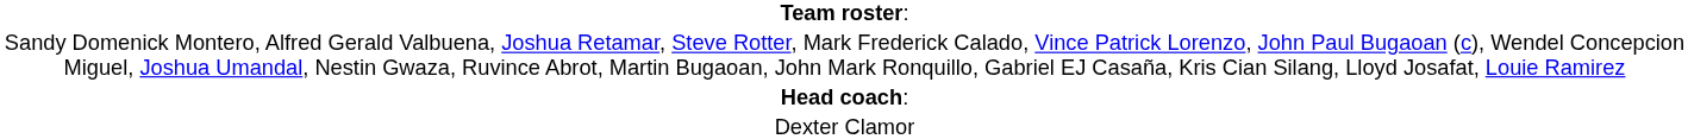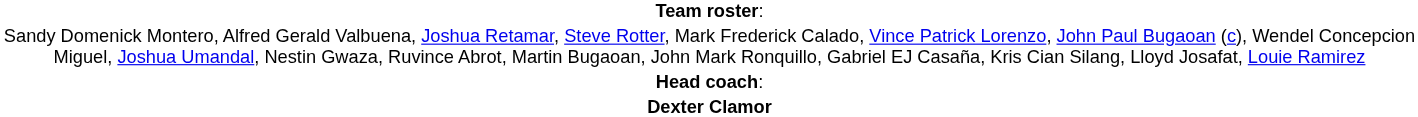 <table style="text-align:center; margin-top:2em; margin-left:auto; margin-right:auto">
 <tr>
 <td><strong>Team roster</strong>:</td>
 </tr>
 <tr>
 <td>Sandy Domenick Montero, Alfred Gerald Valbuena, <a href='#'>Joshua Retamar</a>, <a href='#'>Steve Rotter</a>, Mark Frederick Calado, <a href='#'>Vince Patrick Lorenzo</a>, <a href='#'>John Paul Bugaoan</a> (<a href='#'>c</a>), Wendel Concepcion Miguel, <a href='#'>Joshua Umandal</a>, Nestin Gwaza, Ruvince Abrot, Martin Bugaoan, John Mark Ronquillo, Gabriel EJ Casaña, Kris Cian Silang, Lloyd Josafat, <a href='#'>Louie Ramirez</a></td>
 </tr>
 <tr>
 <td><strong>Head coach</strong>:</td>
 </tr>
 <tr>
-<td>Dexter Clamor</td>
+<td><strong>Dexter Clamor</strong></td>
 </tr>
 </table>
